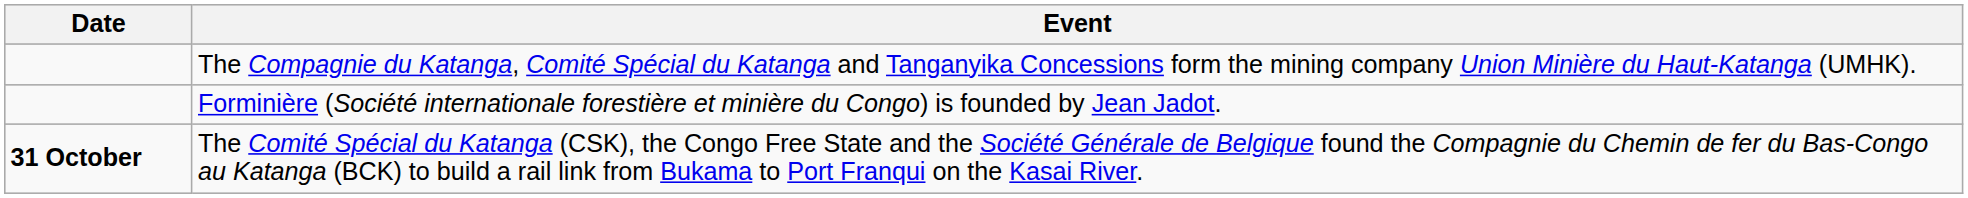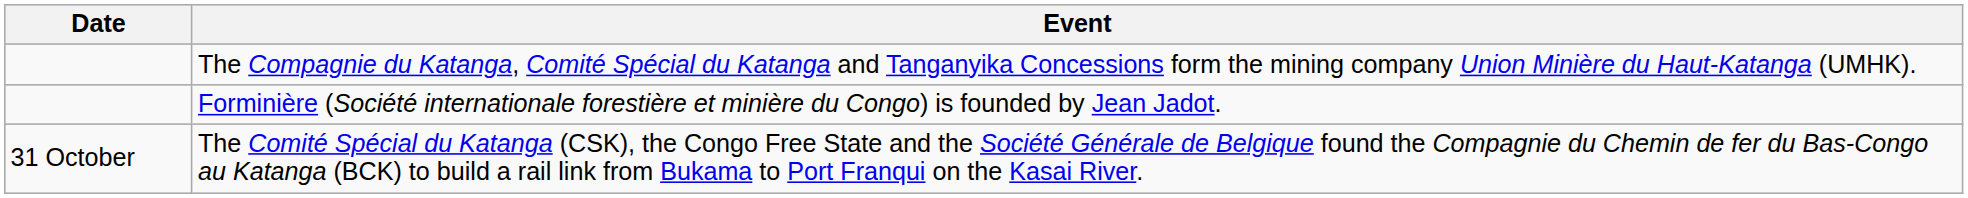 <table class=wikitable>
 <tr>
 <th style="width:7em">Date</th>
 <th>Event</th>
 </tr>
 <tr>
 <td></td>
 <td>The <em><a href='#'>Compagnie du Katanga</a></em>, <em><a href='#'>Comité Spécial du Katanga</a></em> and <a href='#'>Tanganyika Concessions</a> form the mining company <em><a href='#'>Union Minière du Haut-Katanga</a></em> (UMHK).</td>
 </tr>
 <tr>
 <td></td>
 <td><a href='#'>Forminière</a> (<em>Société internationale forestière et minière du Congo</em>) is founded by <a href='#'>Jean Jadot</a>.</td>
 </tr>
 <tr>
-<td><strong>31 October</strong></td>
+<td>31 October</td>
 <td>The <em><a href='#'>Comité Spécial du Katanga</a></em> (CSK), the Congo Free State and the <em><a href='#'>Société Générale de Belgique</a></em> found the <em>Compagnie du Chemin de fer du Bas-Congo au Katanga</em> (BCK) to build a rail link from <a href='#'>Bukama</a> to <a href='#'>Port Franqui</a> on the <a href='#'>Kasai River</a>.</td>
 </tr>
 </table>
